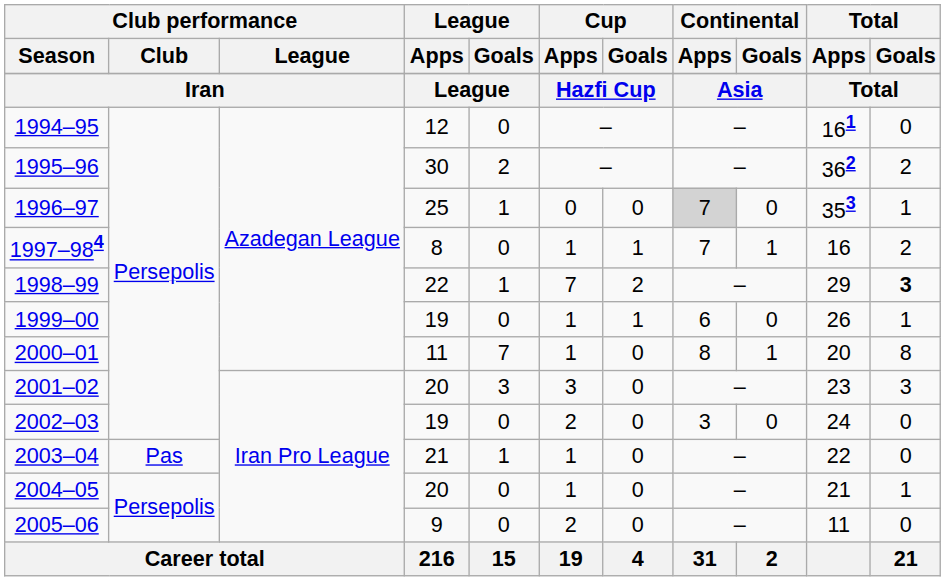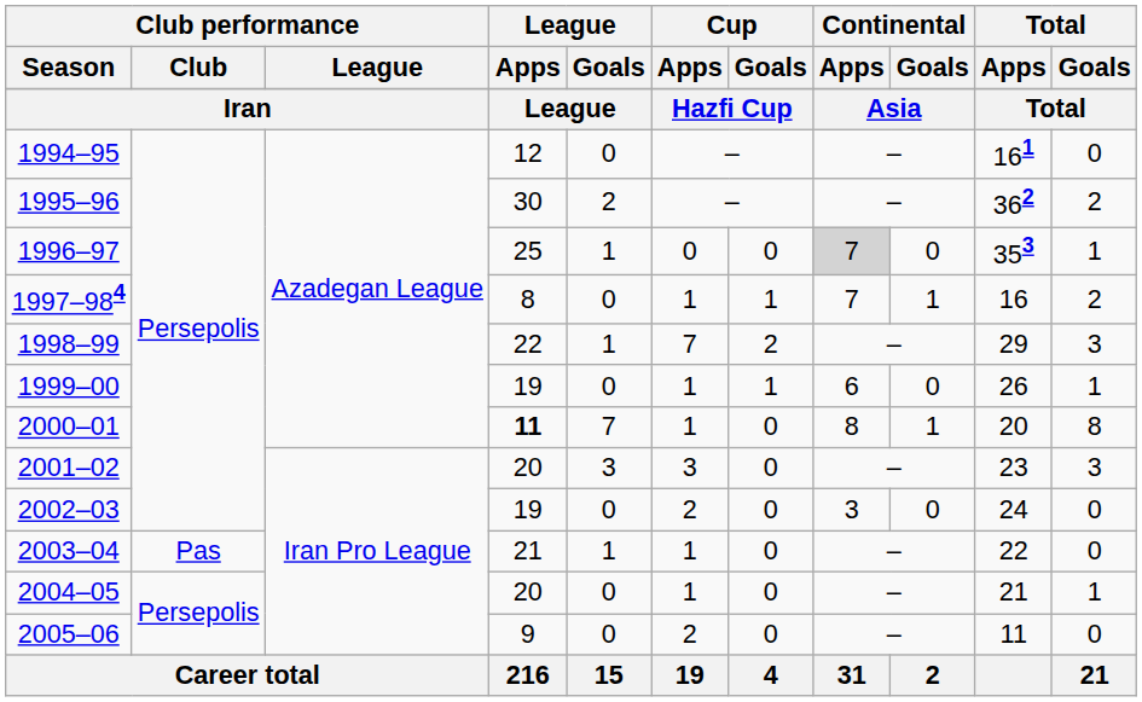 <table class="wikitable" style="text-align:center">
 <tr>
 <th colspan=3>Club performance</th>
 <th colspan=2>League</th>
 <th colspan=2>Cup</th>
 <th colspan=2>Continental</th>
 <th colspan=2>Total</th>
 </tr>
 <tr>
 <th>Season</th>
 <th>Club</th>
 <th>League</th>
 <th>Apps</th>
 <th>Goals</th>
 <th>Apps</th>
 <th>Goals</th>
 <th>Apps</th>
 <th>Goals</th>
 <th>Apps</th>
 <th>Goals</th>
 </tr>
 <tr>
 </tr>
 <tr>
 <th colspan=3>Iran</th>
 <th colspan=2>League</th>
 <th colspan=2><a href='#'>Hazfi Cup</a></th>
 <th colspan=2><a href='#'>Asia</a></th>
 <th colspan=2>Total</th>
 </tr>
 <tr>
 <td><a href='#'>1994–95</a></td>
 <td rowspan="9"><a href='#'>Persepolis</a></td>
 <td rowspan="7"><a href='#'>Azadegan League</a></td>
 <td>12</td>
 <td>0</td>
 <td colspan="2">–</td>
 <td colspan="2">–</td>
 <td>16<sup><strong><a href='#'>1</a></strong></sup></td>
 <td>0</td>
 </tr>
 <tr>
 <td><a href='#'>1995–96</a></td>
 <td>30</td>
 <td>2</td>
 <td colspan="2">–</td>
 <td colspan="2">–</td>
 <td>36<sup><strong><a href='#'>2</a></strong></sup></td>
 <td>2</td>
 </tr>
 <tr>
 <td><a href='#'>1996–97</a></td>
 <td>25</td>
 <td>1</td>
 <td>0</td>
 <td>0</td>
 <td style="background: lightgrey;">7</td>
 <td>0</td>
 <td>35<sup><strong><a href='#'>3</a></strong></sup></td>
 <td>1</td>
 </tr>
 <tr>
 <td><a href='#'>1997–98</a><sup><strong><a href='#'>4</a></strong></sup></td>
 <td>8</td>
 <td>0</td>
 <td>1</td>
 <td>1</td>
 <td>7</td>
 <td>1</td>
 <td>16</td>
 <td>2</td>
 </tr>
 <tr>
 <td><a href='#'>1998–99</a></td>
 <td>22</td>
 <td>1</td>
 <td>7</td>
 <td>2</td>
 <td colspan="2">–</td>
 <td>29</td>
-<td><strong>3</strong></td>
+<td>3</td>
 </tr>
 <tr>
 <td><a href='#'>1999–00</a></td>
 <td>19</td>
 <td>0</td>
 <td>1</td>
 <td>1</td>
 <td>6</td>
 <td>0</td>
 <td>26</td>
 <td>1</td>
 </tr>
 <tr>
 <td><a href='#'>2000–01</a></td>
-<td>11</td>
+<td><strong>11</strong></td>
 <td>7</td>
 <td>1</td>
 <td>0</td>
 <td>8</td>
 <td>1</td>
 <td>20</td>
 <td>8</td>
 </tr>
 <tr>
 <td><a href='#'>2001–02</a></td>
 <td rowspan="5"><a href='#'>Iran Pro League</a></td>
 <td>20</td>
 <td>3</td>
 <td>3</td>
 <td>0</td>
 <td colspan="2">–</td>
 <td>23</td>
 <td>3</td>
 </tr>
 <tr>
 <td><a href='#'>2002–03</a></td>
 <td>19</td>
 <td>0</td>
 <td>2</td>
 <td>0</td>
 <td>3</td>
 <td>0</td>
 <td>24</td>
 <td>0</td>
 </tr>
 <tr>
 <td><a href='#'>2003–04</a></td>
 <td><a href='#'>Pas</a></td>
 <td>21</td>
 <td>1</td>
 <td>1</td>
 <td>0</td>
 <td colspan="2">–</td>
 <td>22</td>
 <td>0</td>
 </tr>
 <tr>
 <td><a href='#'>2004–05</a></td>
 <td rowspan="2"><a href='#'>Persepolis</a></td>
 <td>20</td>
 <td>0</td>
 <td>1</td>
 <td>0</td>
 <td colspan="2">–</td>
 <td>21</td>
 <td>1</td>
 </tr>
 <tr>
 <td><a href='#'>2005–06</a></td>
 <td>9</td>
 <td>0</td>
 <td>2</td>
 <td>0</td>
 <td colspan="2">–</td>
 <td>11</td>
 <td>0</td>
 </tr>
 <tr>
 <th colspan=3>Career total</th>
 <th>216</th>
 <th>15</th>
 <th>19</th>
 <th>4</th>
 <th>31</th>
 <th>2</th>
 <th></th>
 <th>21</th>
 </tr>
 </table>
